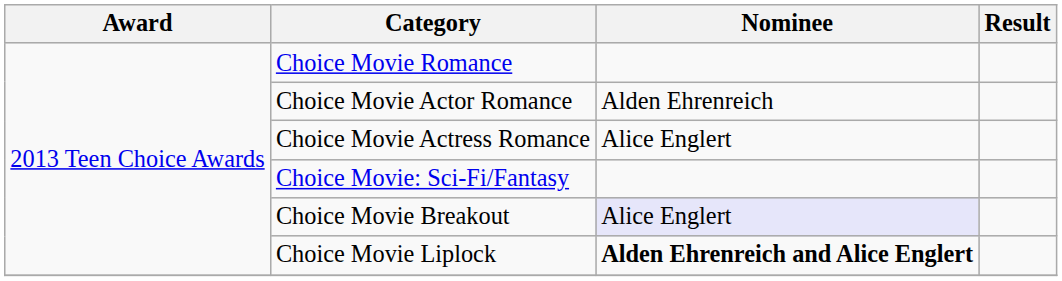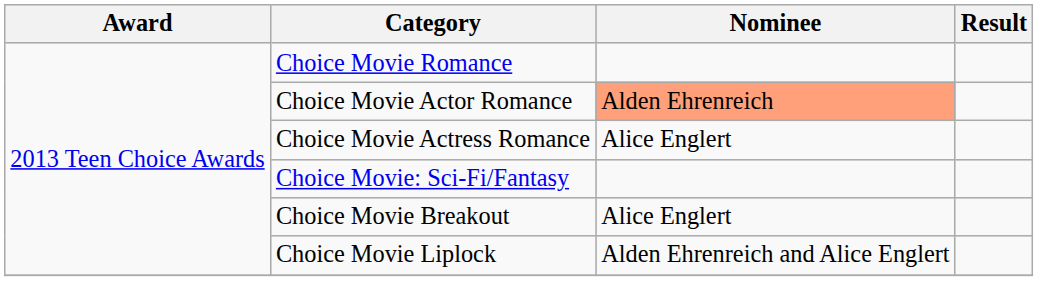 <table class="wikitable">
 <tr>
 <th>Award</th>
 <th>Category</th>
 <th>Nominee</th>
 <th>Result</th>
 </tr>
 <tr>
 <td rowspan="6"><a href='#'>2013 Teen Choice Awards</a></td>
 <td><a href='#'>Choice Movie Romance</a></td>
 <td></td>
 <td></td>
 </tr>
 <tr>
 <td>Choice Movie Actor Romance</td>
-<td>Alden Ehrenreich</td>
+<td style="background: lightsalmon;">Alden Ehrenreich</td>
 <td></td>
 </tr>
 <tr>
 <td>Choice Movie Actress Romance</td>
 <td>Alice Englert</td>
 <td></td>
 </tr>
 <tr>
 <td><a href='#'>Choice Movie: Sci-Fi/Fantasy</a></td>
 <td></td>
 <td></td>
 </tr>
 <tr>
 <td>Choice Movie Breakout</td>
-<td style="background: lavender;">Alice Englert</td>
+<td>Alice Englert</td>
 <td></td>
 </tr>
 <tr>
 <td>Choice Movie Liplock</td>
-<td><strong>Alden Ehrenreich and Alice Englert</strong></td>
+<td>Alden Ehrenreich and Alice Englert</td>
 <td></td>
 </tr>
 <tr>
 </tr>
 </table>
